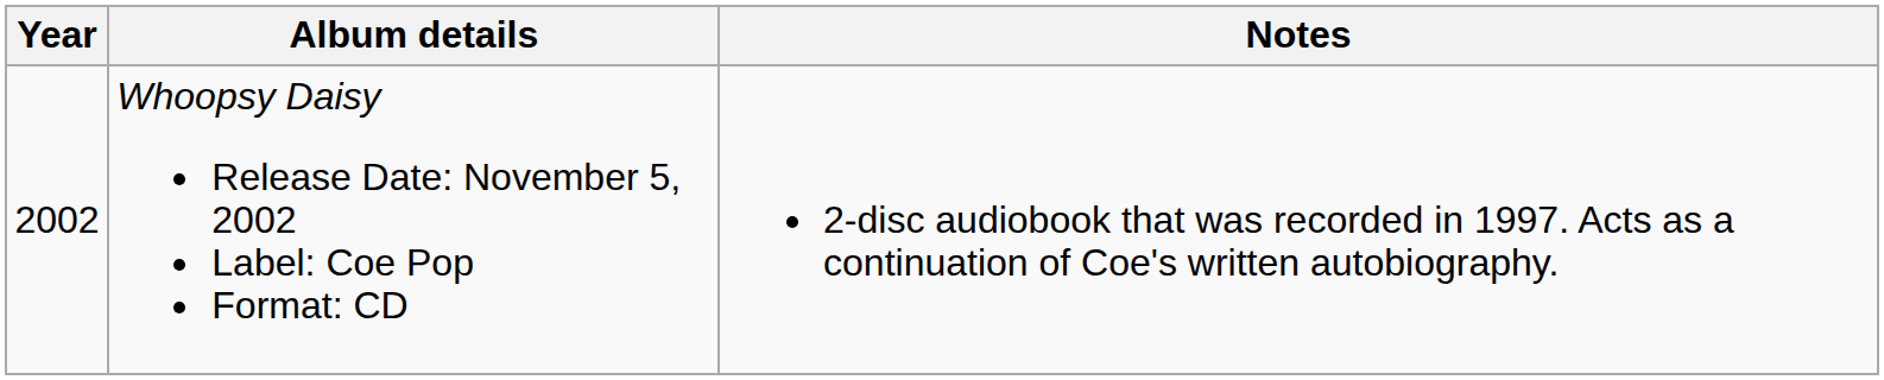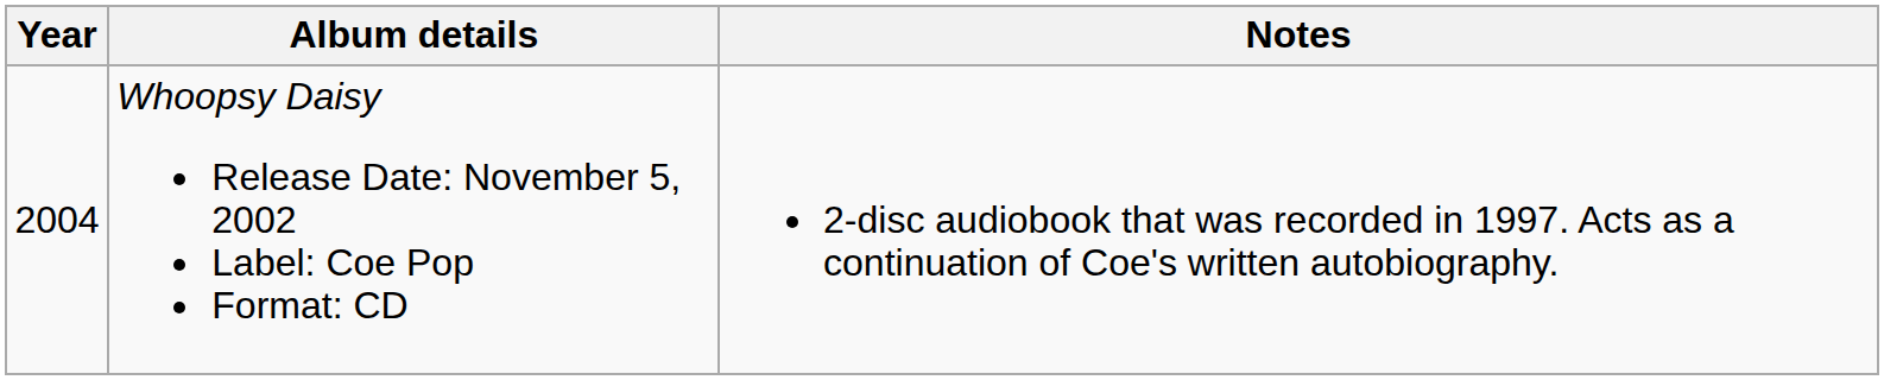 <table class="wikitable">
 <tr>
 <th style="width:33px;">Year</th>
 <th style="width:250px;">Album details</th>
 <th style="width:30em;">Notes</th>
 </tr>
 <tr>
-<td>2002</td>
+<td>2004</td>
 <td><em>Whoopsy Daisy</em><br><ul><li>Release Date: November 5, 2002</li><li>Label: Coe Pop</li><li>Format: CD</li></ul></td>
 <td><br><ul><li>2-disc audiobook that was recorded in 1997. Acts as a continuation of Coe's written autobiography.</li></ul></td>
 </tr>
 </table>
